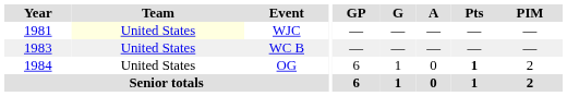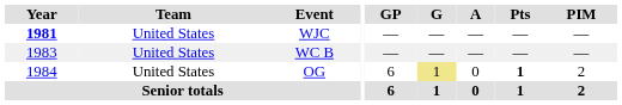 <table border="0" cellpadding="1" cellspacing="0" ID="Table3" style="text-align:center; width:40em">
 <tr ALIGN="center" bgcolor="#e0e0e0">
 <th>Year</th>
 <th>Team</th>
 <th>Event</th>
 <th rowspan="99" bgcolor="#ffffff"></th>
 <th>GP</th>
 <th>G</th>
 <th>A</th>
 <th>Pts</th>
 <th>PIM</th>
 </tr>
 <tr>
-<td><a href='#'>1981</a></td>
-<td style="background: lightyellow;"><a href='#'>United States</a></td>
+<td><strong><a href='#'>1981</a></strong></td>
+<td><a href='#'>United States</a></td>
 <td><a href='#'>WJC</a></td>
 <td>—</td>
 <td>—</td>
 <td>—</td>
 <td>—</td>
 <td>—</td>
 </tr>
 <tr bgcolor="#f0f0f0">
 <td><a href='#'>1983</a></td>
 <td><a href='#'>United States</a></td>
 <td><a href='#'>WC B</a></td>
 <td>—</td>
 <td>—</td>
 <td>—</td>
 <td>—</td>
 <td>—</td>
 </tr>
 <tr>
 <td><a href='#'>1984</a></td>
 <td>United States</td>
 <td><a href='#'>OG</a></td>
 <td>6</td>
-<td>1</td>
+<td style="background: khaki;">1</td>
 <td>0</td>
 <td><strong>1</strong></td>
 <td>2</td>
 </tr>
 <tr bgcolor="#e0e0e0">
 <th colspan="3">Senior totals</th>
 <th>6</th>
 <th>1</th>
 <th>0</th>
 <th>1</th>
 <th>2</th>
 </tr>
 </table>
